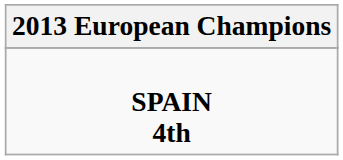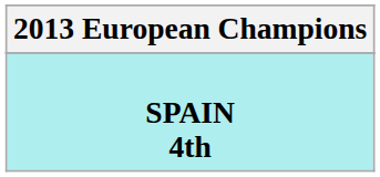 <table class="wikitable" style="text-align: center; margin: 0 auto;">
 <tr>
 <th>2013 European Champions</th>
 </tr>
 <tr>
 </tr>
 <tr>
-<td><br><strong>SPAIN</strong><br><strong>4th</strong></td>
+<td style="background: paleturquoise;"><br><strong>SPAIN</strong><br><strong>4th</strong></td>
 </tr>
 </table>
